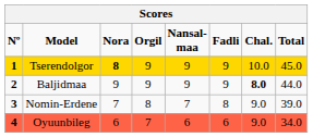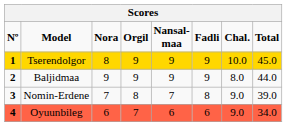 <table class="wikitable collapsible autocollapse" style="text-align:center;">
 <tr>
 <th colspan="8">Scores</th>
 </tr>
 <tr>
 <td><strong>Nº</strong></td>
 <td><strong>Model</strong></td>
 <td><strong>Nora</strong></td>
 <td><strong>Orgil</strong></td>
 <td><strong>Nansal-<br>maa</strong></td>
 <td><strong>Fadli</strong></td>
 <td><strong>Chal.</strong></td>
 <td><strong>Total</strong></td>
 </tr>
 <tr>
 <td style="background:gold"><strong>1</strong></td>
 <td style="background:gold">Tserendolgor</td>
-<td style="background:gold"><strong>8</strong></td>
+<td style="background:gold">8</td>
 <td style="background:gold">9</td>
 <td style="background:gold">9</td>
 <td style="background:gold">9</td>
 <td style="background:gold">10.0</td>
 <td style="background:gold">45.0</td>
 </tr>
 <tr>
 <td><strong>2</strong></td>
 <td>Baljidmaa</td>
 <td>9</td>
 <td>9</td>
 <td>9</td>
 <td>9</td>
-<td><strong>8.0</strong></td>
+<td>8.0</td>
 <td>44.0</td>
 </tr>
 <tr>
 <td><strong>3</strong></td>
 <td>Nomin-Erdene</td>
 <td>7</td>
 <td>8</td>
 <td>7</td>
 <td>8</td>
 <td>9.0</td>
 <td>39.0</td>
 </tr>
 <tr>
 <td style="background:tomato"><strong>4</strong></td>
 <td style="background:tomato">Oyuunbileg</td>
 <td style="background:tomato">6</td>
 <td style="background:tomato">7</td>
 <td style="background:tomato">6</td>
 <td style="background:tomato">6</td>
 <td style="background:tomato">9.0</td>
 <td style="background:tomato">34.0</td>
 </tr>
 </table>
